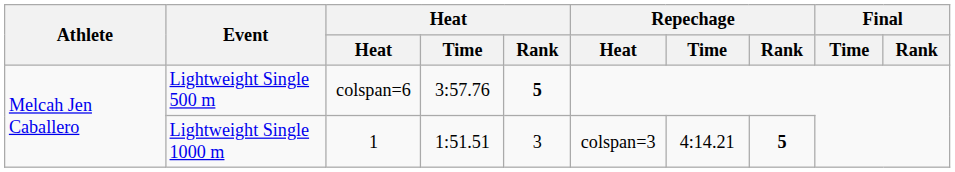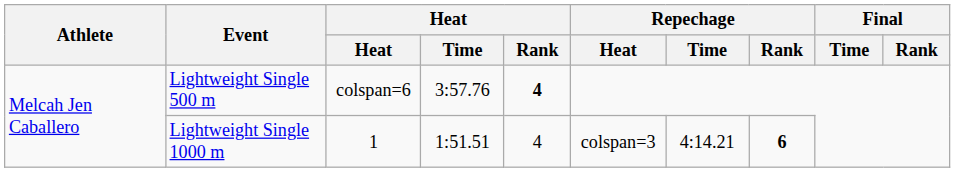 <table class="wikitable" width="85%" style="text-align:center; font-size:90%">
 <tr>
 <th rowspan="2" width="12%">Athlete</th>
 <th rowspan="2" width="12%">Event</th>
 <th colspan="3" width="12%">Heat</th>
 <th colspan="3" width="12%">Repechage</th>
 <th colspan="2" width="9%">Final</th>
 </tr>
 <tr>
 <th width="3%">Heat</th>
 <th width="5%">Time</th>
 <th>Rank</th>
 <th width="3%">Heat</th>
 <th width="5%">Time</th>
 <th>Rank</th>
 <th width="5%">Time</th>
 <th>Rank</th>
 </tr>
 <tr>
 <td rowspan=2 align="left"><a href='#'>Melcah Jen Caballero</a></td>
 <td style="text-align:left;"><a href='#'>Lightweight Single 500 m</a></td>
 <td>colspan=6  </td>
 <td>3:57.76</td>
-<td><strong>5</strong></td>
+<td><strong>4</strong></td>
 </tr>
 <tr>
 <td style="text-align:left;"><a href='#'>Lightweight Single 1000 m</a></td>
 <td>1</td>
 <td>1:51.51</td>
-<td>3</td>
+<td>4</td>
 <td>colspan=3  </td>
 <td>4:14.21</td>
-<td><strong>5</strong></td>
+<td><strong>6</strong></td>
 </tr>
 </table>
